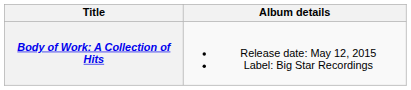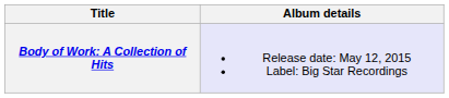 <table class="wikitable plainrowheaders" style="text-align:center;">
 <tr>
 <th style="width:16em;">Title</th>
 <th style="width:20em;">Album details</th>
 </tr>
 <tr>
 <th scope="row"><em><a href='#'>Body of Work: A Collection of Hits</a></em></th>
-<td><br><ul><li>Release date: May 12, 2015</li><li>Label: Big Star Recordings</li></ul></td>
+<td style="background: lavender;"><br><ul><li>Release date: May 12, 2015</li><li>Label: Big Star Recordings</li></ul></td>
 </tr>
 </table>
